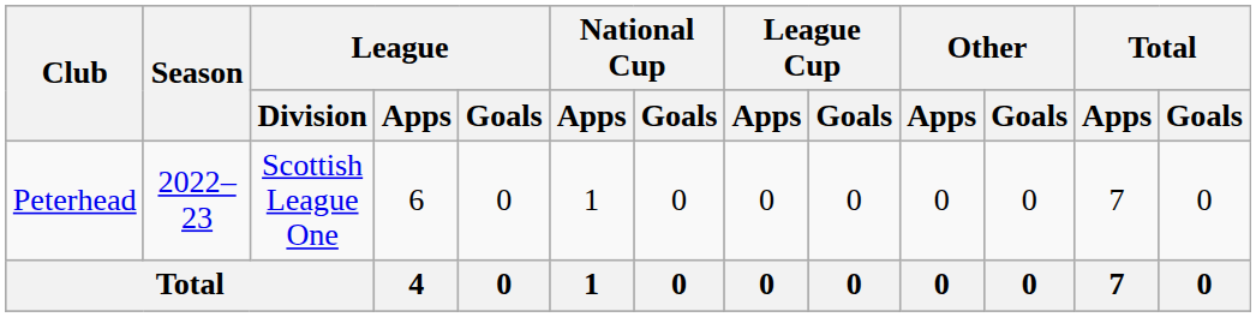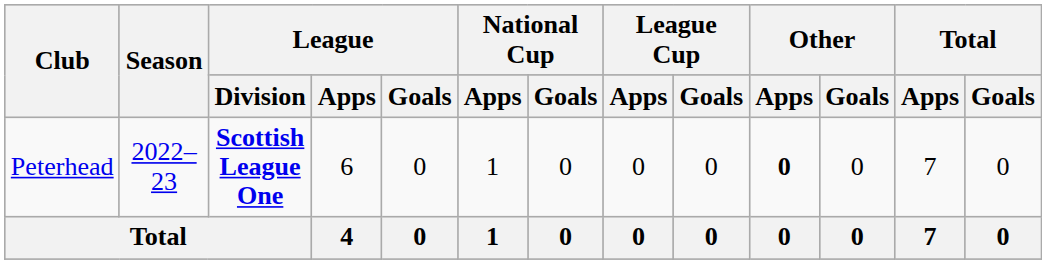 <table class="wikitable" style="text-align: center">
 <tr>
 <th rowspan="2">Club</th>
 <th rowspan="2">Season</th>
 <th colspan="3">League</th>
 <th colspan="2">National Cup</th>
 <th colspan="2">League Cup</th>
 <th colspan="2">Other</th>
 <th colspan="2">Total</th>
 </tr>
 <tr>
 <th>Division</th>
 <th>Apps</th>
 <th>Goals</th>
 <th>Apps</th>
 <th>Goals</th>
 <th>Apps</th>
 <th>Goals</th>
 <th>Apps</th>
 <th>Goals</th>
 <th>Apps</th>
 <th>Goals</th>
 </tr>
 <tr>
 <td><a href='#'>Peterhead</a></td>
 <td><a href='#'>2022–23</a></td>
-<td><a href='#'>Scottish League One</a></td>
+<td><strong><a href='#'>Scottish League One</a></strong></td>
 <td>6</td>
 <td>0</td>
 <td>1</td>
 <td>0</td>
 <td>0</td>
 <td>0</td>
-<td>0</td>
+<td><strong>0</strong></td>
 <td>0</td>
 <td>7</td>
 <td>0</td>
 </tr>
 <tr>
 <th colspan="3">Total</th>
 <th>4</th>
 <th>0</th>
 <th>1</th>
 <th>0</th>
 <th>0</th>
 <th>0</th>
 <th>0</th>
 <th>0</th>
 <th>7</th>
 <th>0</th>
 </tr>
 </table>
